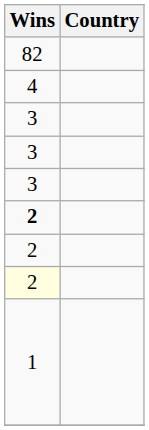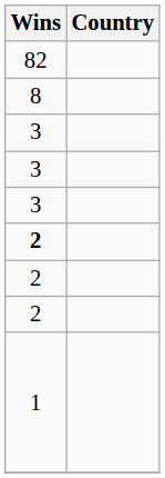 <table class="wikitable">
 <tr>
 <th>Wins</th>
 <th>Country</th>
 </tr>
 <tr>
 <td align=center>82</td>
 <td></td>
 </tr>
 <tr>
-<td align=center>4</td>
+<td align=center>8</td>
 <td></td>
 </tr>
 <tr>
 <td align=center>3</td>
 <td></td>
 </tr>
 <tr>
 <td align=center>3</td>
 <td></td>
 </tr>
 <tr>
 <td align=center>3</td>
 <td></td>
 </tr>
 <tr>
 <td align=center><strong>2</strong></td>
 <td></td>
 </tr>
 <tr>
 <td align=center>2</td>
 <td></td>
 </tr>
 <tr>
-<td align=center style="background: lightyellow;">2</td>
+<td align=center>2</td>
 <td></td>
 </tr>
 <tr>
 <td align=center>1</td>
 <td><br><br><br><br><br></td>
 </tr>
 <tr>
 </tr>
 </table>
